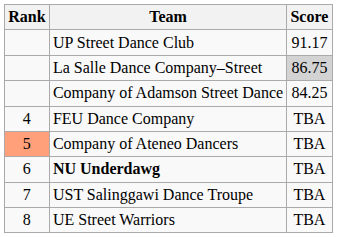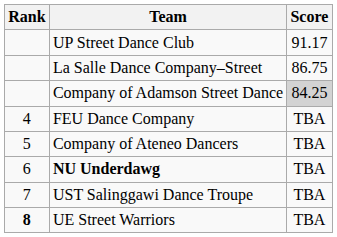 <table class=wikitable style="text-align:center;">
 <tr>
 <th>Rank</th>
 <th>Team</th>
 <th>Score</th>
 </tr>
 <tr>
 <td></td>
 <td align=left> UP Street Dance Club</td>
 <td>91.17</td>
 </tr>
 <tr>
 <td></td>
 <td align=left> La Salle Dance Company–Street</td>
-<td style="background: lightgrey;">86.75</td>
+<td>86.75</td>
 </tr>
 <tr>
 <td></td>
 <td align=left> Company of Adamson Street Dance</td>
-<td>84.25</td>
+<td style="background: lightgrey;">84.25</td>
 </tr>
 <tr>
 <td>4</td>
 <td align=left> FEU Dance Company</td>
 <td>TBA</td>
 </tr>
 <tr>
-<td style="background: lightsalmon;">5</td>
+<td>5</td>
 <td align=left> Company of Ateneo Dancers</td>
 <td>TBA</td>
 </tr>
 <tr>
 <td>6</td>
 <td align=left> <strong>NU Underdawg</strong></td>
 <td>TBA</td>
 </tr>
 <tr>
 <td>7</td>
 <td align=left> UST Salinggawi Dance Troupe</td>
 <td>TBA</td>
 </tr>
 <tr>
-<td>8</td>
+<td><strong>8</strong></td>
 <td align=left> UE Street Warriors</td>
 <td>TBA</td>
 </tr>
 <tr>
 </tr>
 </table>
